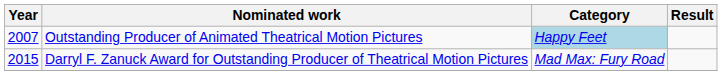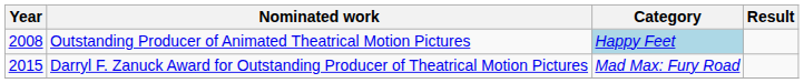 <table class="wikitable">
 <tr>
 <th>Year</th>
 <th>Nominated work</th>
 <th>Category</th>
 <th>Result</th>
 </tr>
 <tr>
-<td><a href='#'>2007</a></td>
+<td><a href='#'>2008</a></td>
 <td><a href='#'>Outstanding Producer of Animated Theatrical Motion Pictures</a></td>
 <td style="background: lightblue;"><em><a href='#'>Happy Feet</a></em></td>
 <td></td>
 </tr>
 <tr>
 <td><a href='#'>2015</a></td>
 <td><a href='#'>Darryl F. Zanuck Award for Outstanding Producer of Theatrical Motion Pictures</a></td>
 <td><em><a href='#'>Mad Max: Fury Road</a></em></td>
 <td></td>
 </tr>
 <tr>
 </tr>
 </table>
